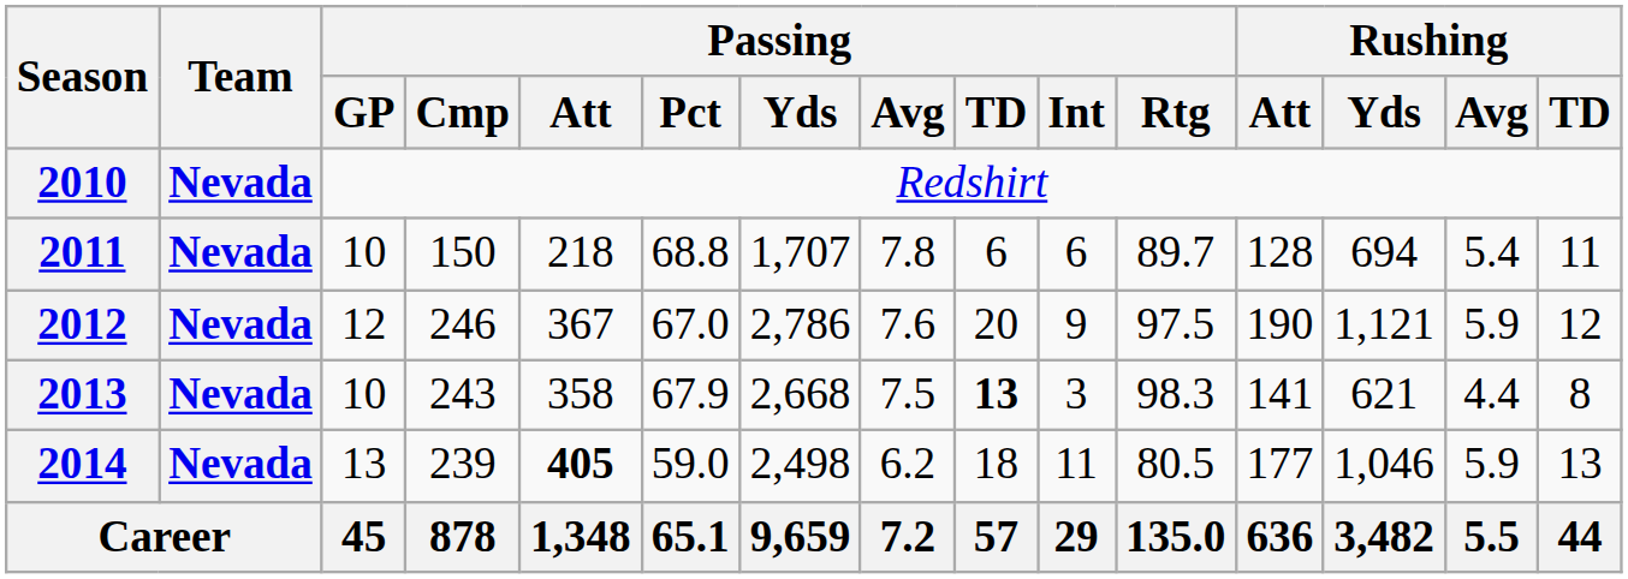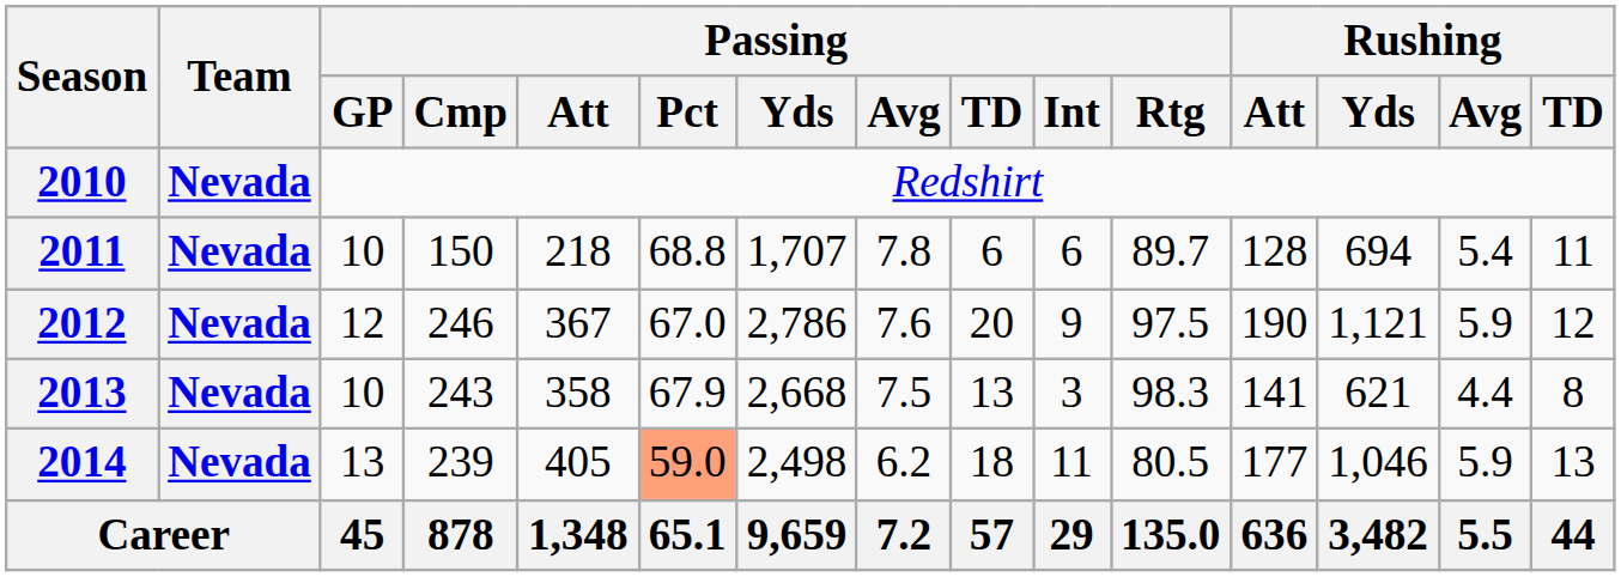 <table class="wikitable" style="text-align:center;">
 <tr>
 <th rowspan="2">Season</th>
 <th rowspan="2">Team</th>
 <th colspan="9">Passing</th>
 <th colspan="4">Rushing</th>
 </tr>
 <tr>
 <th>GP</th>
 <th>Cmp</th>
 <th>Att</th>
 <th>Pct</th>
 <th>Yds</th>
 <th>Avg</th>
 <th>TD</th>
 <th>Int</th>
 <th>Rtg</th>
 <th>Att</th>
 <th>Yds</th>
 <th>Avg</th>
 <th>TD</th>
 </tr>
 <tr>
 <th><a href='#'>2010</a></th>
 <th><a href='#'>Nevada</a></th>
 <td colspan="13"> <em><a href='#'>Redshirt</a></em></td>
 </tr>
 <tr>
 <th><a href='#'>2011</a></th>
 <th><a href='#'>Nevada</a></th>
 <td>10</td>
 <td>150</td>
 <td>218</td>
 <td>68.8</td>
 <td>1,707</td>
 <td>7.8</td>
 <td>6</td>
 <td>6</td>
 <td>89.7</td>
 <td>128</td>
 <td>694</td>
 <td>5.4</td>
 <td>11</td>
 </tr>
 <tr>
 <th><a href='#'>2012</a></th>
 <th><a href='#'>Nevada</a></th>
 <td>12</td>
 <td>246</td>
 <td>367</td>
 <td>67.0</td>
 <td>2,786</td>
 <td>7.6</td>
 <td>20</td>
 <td>9</td>
 <td>97.5</td>
 <td>190</td>
 <td>1,121</td>
 <td>5.9</td>
 <td>12</td>
 </tr>
 <tr>
 <th><a href='#'>2013</a></th>
 <th><a href='#'>Nevada</a></th>
 <td>10</td>
 <td>243</td>
 <td>358</td>
 <td>67.9</td>
 <td>2,668</td>
 <td>7.5</td>
-<td><strong>13</strong></td>
+<td>13</td>
 <td>3</td>
 <td>98.3</td>
 <td>141</td>
 <td>621</td>
 <td>4.4</td>
 <td>8</td>
 </tr>
 <tr>
 <th><a href='#'>2014</a></th>
 <th><a href='#'>Nevada</a></th>
 <td>13</td>
 <td>239</td>
-<td><strong>405</strong></td>
-<td>59.0</td>
+<td>405</td>
+<td style="background: lightsalmon;">59.0</td>
 <td>2,498</td>
 <td>6.2</td>
 <td>18</td>
 <td>11</td>
 <td>80.5</td>
 <td>177</td>
 <td>1,046</td>
 <td>5.9</td>
 <td>13</td>
 </tr>
 <tr>
 <th colspan="2">Career</th>
 <th>45</th>
 <th>878</th>
 <th>1,348</th>
 <th>65.1</th>
 <th>9,659</th>
 <th>7.2</th>
 <th>57</th>
 <th>29</th>
 <th>135.0</th>
 <th>636</th>
 <th>3,482</th>
 <th>5.5</th>
 <th>44</th>
 </tr>
 </table>
